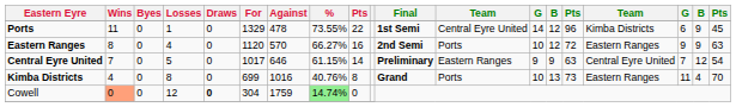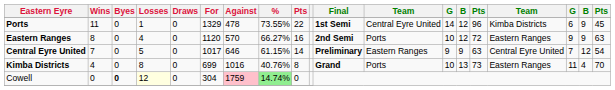 <table style="font-size: 85%; text-align: left;" class="wikitable">
 <tr>
 <th style="color:crimson">Eastern Eyre</th>
 <th style="color:crimson">Wins</th>
 <th style="color:crimson">Byes</th>
 <th style="color:crimson">Losses</th>
 <th style="color:crimson">Draws</th>
 <th style="color:crimson">For</th>
 <th style="color:crimson">Against</th>
 <th style="color:crimson">%</th>
 <th style="color:crimson">Pts</th>
 <th></th>
 <th style="color:green">Final</th>
 <th style="color:green">Team</th>
 <th style="color:green">G</th>
 <th style="color:green">B</th>
 <th style="color:green">Pts</th>
 <th style="color:green">Team</th>
 <th style="color:green">G</th>
 <th style="color:green">B</th>
 <th style="color:green">Pts</th>
 </tr>
 <tr>
 </tr>
 <tr>
 </tr>
 <tr>
 <td><strong>	Ports	</strong></td>
 <td>11</td>
 <td>0</td>
 <td>1</td>
 <td>0</td>
 <td>1329</td>
 <td>478</td>
 <td>73.55%</td>
 <td>22</td>
 <td></td>
 <td><strong>1st Semi</strong></td>
 <td>Central Eyre United</td>
 <td>14</td>
 <td>12</td>
 <td>96</td>
 <td>Kimba Districts</td>
 <td>6</td>
 <td>9</td>
 <td>45</td>
 </tr>
 <tr>
 <td><strong>	Eastern Ranges	</strong></td>
 <td>8</td>
 <td>0</td>
 <td>4</td>
 <td>0</td>
 <td>1120</td>
 <td>570</td>
 <td>66.27%</td>
 <td>16</td>
 <td></td>
 <td><strong>2nd Semi</strong></td>
 <td>Ports</td>
 <td>10</td>
 <td>12</td>
 <td>72</td>
 <td>Eastern Ranges</td>
 <td>9</td>
 <td>9</td>
 <td>63</td>
 </tr>
 <tr>
 <td><strong>	Central Eyre United	</strong></td>
 <td>7</td>
 <td>0</td>
 <td>5</td>
 <td>0</td>
 <td>1017</td>
 <td>646</td>
 <td>61.15%</td>
 <td>14</td>
 <td></td>
 <td><strong>Preliminary</strong></td>
 <td>Eastern Ranges</td>
 <td>9</td>
 <td>9</td>
 <td>63</td>
 <td>Central Eyre United</td>
 <td>7</td>
 <td>12</td>
 <td>54</td>
 </tr>
 <tr>
 <td><strong>	Kimba Districts	</strong></td>
 <td>4</td>
 <td>0</td>
 <td>8</td>
 <td>0</td>
 <td>699</td>
 <td>1016</td>
 <td>40.76%</td>
 <td>8</td>
 <td></td>
 <td><strong>Grand</strong></td>
 <td>Ports</td>
 <td>10</td>
 <td>13</td>
 <td>73</td>
 <td>Eastern Ranges</td>
 <td>11</td>
 <td>4</td>
 <td>70</td>
 </tr>
 <tr>
 <td>Cowell</td>
-<td style="background: lightsalmon;">0</td>
 <td>0</td>
-<td>12</td>
 <td><strong>0</strong></td>
+<td style="background: lightyellow;">12</td>
+<td>0</td>
 <td>304</td>
-<td>1759</td>
+<td style="background: pink;">1759</td>
 <td style="background: lightgreen;">14.74%</td>
 <td>0</td>
 <td></td>
 </tr>
 <tr>
 </tr>
 </table>
